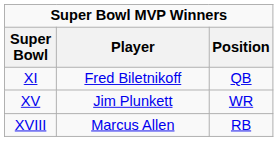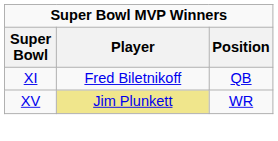 <table class="wikitable sortable" style="text-align:center">
 <tr>
 <td colspan="3"><strong>Super Bowl MVP Winners</strong></td>
 </tr>
 <tr>
 <th style="width:50px; ">Super Bowl</th>
 <th style="width:160px; ">Player</th>
 <th style="width:50px; ">Position</th>
 </tr>
 <tr>
 <td><a href='#'>XI</a></td>
 <td><a href='#'>Fred Biletnikoff</a></td>
 <td><a href='#'>QB</a></td>
 </tr>
 <tr>
 <td><a href='#'>XV</a></td>
-<td><a href='#'>Jim Plunkett</a></td>
+<td style="background: khaki;"><a href='#'>Jim Plunkett</a></td>
 <td><a href='#'>WR</a></td>
 </tr>
-<tr>
-<td><a href='#'>XVIII</a></td>
-<td><a href='#'>Marcus Allen</a></td>
-<td><a href='#'>RB</a></td>
-</tr>
 </table>
